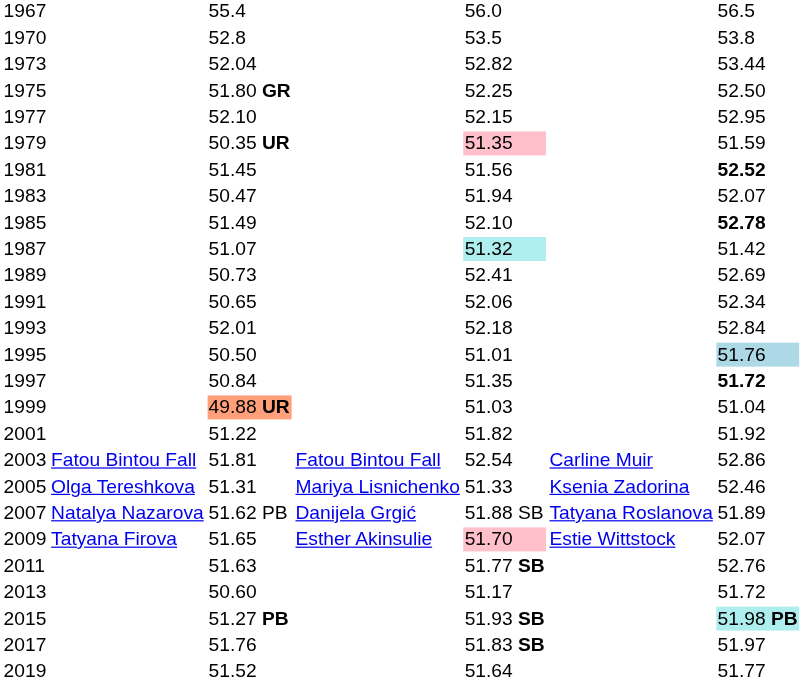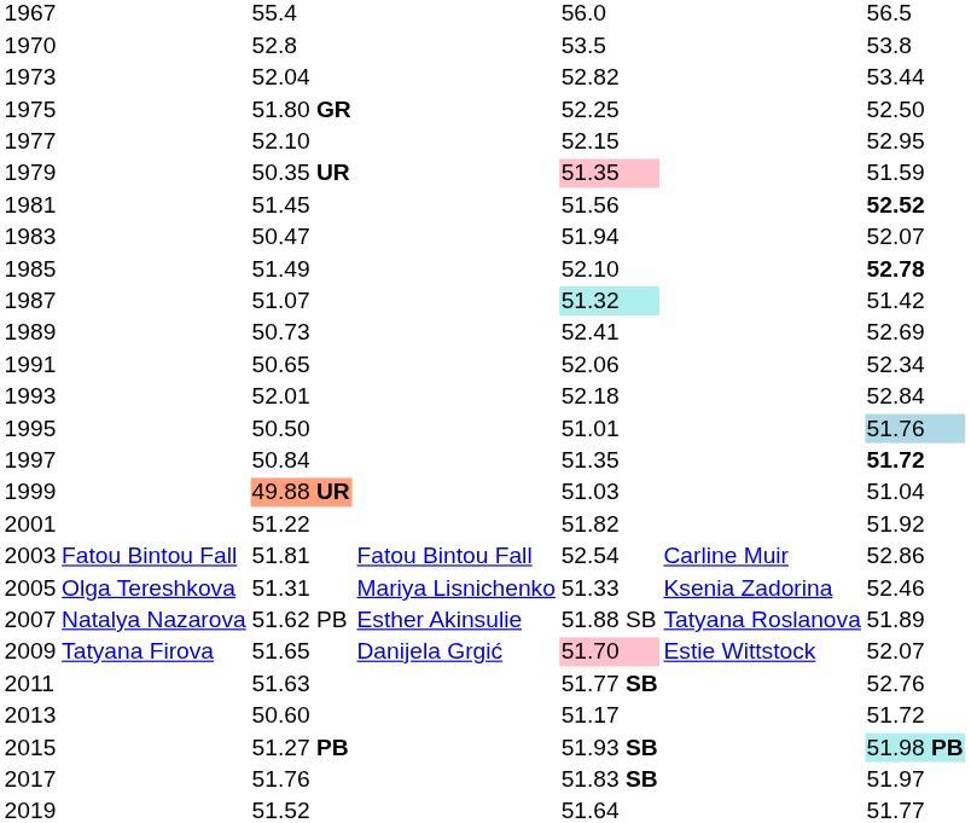 <table>
 <tr>
 <td>1967</td>
 <td></td>
 <td>55.4</td>
 <td></td>
 <td>56.0</td>
 <td></td>
 <td>56.5</td>
 </tr>
 <tr>
 <td>1970</td>
 <td></td>
 <td>52.8</td>
 <td></td>
 <td>53.5</td>
 <td></td>
 <td>53.8</td>
 </tr>
 <tr>
 <td>1973</td>
 <td></td>
 <td>52.04</td>
 <td></td>
 <td>52.82</td>
 <td></td>
 <td>53.44</td>
 </tr>
 <tr>
 <td>1975</td>
 <td></td>
 <td>51.80 <strong>GR</strong></td>
 <td></td>
 <td>52.25</td>
 <td></td>
 <td>52.50</td>
 </tr>
 <tr>
 <td>1977</td>
 <td></td>
 <td>52.10</td>
 <td></td>
 <td>52.15</td>
 <td></td>
 <td>52.95</td>
 </tr>
 <tr>
 <td>1979</td>
 <td></td>
 <td>50.35 <strong>UR</strong></td>
 <td></td>
 <td style="background: pink;">51.35</td>
 <td></td>
 <td>51.59</td>
 </tr>
 <tr>
 <td>1981</td>
 <td></td>
 <td>51.45</td>
 <td></td>
 <td>51.56</td>
 <td></td>
 <td><strong>52.52</strong></td>
 </tr>
 <tr>
 <td>1983</td>
 <td></td>
 <td>50.47</td>
 <td></td>
 <td>51.94</td>
 <td></td>
 <td>52.07</td>
 </tr>
 <tr>
 <td>1985</td>
 <td></td>
 <td>51.49</td>
 <td></td>
 <td>52.10</td>
 <td></td>
 <td><strong>52.78</strong></td>
 </tr>
 <tr>
 <td>1987</td>
 <td></td>
 <td>51.07</td>
 <td></td>
 <td style="background: paleturquoise;">51.32</td>
 <td></td>
 <td>51.42</td>
 </tr>
 <tr>
 <td>1989</td>
 <td></td>
 <td>50.73</td>
 <td></td>
 <td>52.41</td>
 <td></td>
 <td>52.69</td>
 </tr>
 <tr>
 <td>1991</td>
 <td></td>
 <td>50.65</td>
 <td></td>
 <td>52.06</td>
 <td></td>
 <td>52.34</td>
 </tr>
 <tr>
 <td>1993</td>
 <td></td>
 <td>52.01</td>
 <td></td>
 <td>52.18</td>
 <td></td>
 <td>52.84</td>
 </tr>
 <tr>
 <td>1995</td>
 <td></td>
 <td>50.50</td>
 <td></td>
 <td>51.01</td>
 <td></td>
 <td style="background: lightblue;">51.76</td>
 </tr>
 <tr>
 <td>1997</td>
 <td></td>
 <td>50.84</td>
 <td></td>
 <td>51.35</td>
 <td></td>
 <td><strong>51.72</strong></td>
 </tr>
 <tr>
 <td>1999</td>
 <td></td>
 <td style="background: lightsalmon;">49.88 <strong>UR</strong></td>
 <td></td>
 <td>51.03</td>
 <td></td>
 <td>51.04</td>
 </tr>
 <tr>
 <td>2001</td>
 <td></td>
 <td>51.22</td>
 <td></td>
 <td>51.82</td>
 <td></td>
 <td>51.92</td>
 </tr>
 <tr>
 <td>2003</td>
 <td><a href='#'>Fatou Bintou Fall</a><br> </td>
 <td>51.81</td>
 <td><a href='#'>Fatou Bintou Fall</a><br> </td>
 <td>52.54</td>
 <td><a href='#'>Carline Muir</a> <br> </td>
 <td>52.86</td>
 </tr>
 <tr>
 <td>2005</td>
 <td><a href='#'>Olga Tereshkova</a><br> </td>
 <td>51.31</td>
 <td><a href='#'>Mariya Lisnichenko</a><br> </td>
 <td>51.33</td>
 <td><a href='#'>Ksenia Zadorina</a><br> </td>
 <td>52.46</td>
 </tr>
 <tr>
 <td>2007</td>
 <td><a href='#'>Natalya Nazarova</a><br> </td>
 <td>51.62 PB</td>
-<td><a href='#'>Danijela Grgić</a><br> </td>
+<td><a href='#'>Esther Akinsulie</a><br> </td>
 <td>51.88 SB</td>
 <td><a href='#'>Tatyana Roslanova</a><br> </td>
 <td>51.89</td>
 </tr>
 <tr>
 <td>2009</td>
 <td><a href='#'>Tatyana Firova</a><br> </td>
 <td>51.65</td>
-<td><a href='#'>Esther Akinsulie</a><br> </td>
+<td><a href='#'>Danijela Grgić</a><br> </td>
 <td style="background: pink;">51.70</td>
 <td><a href='#'>Estie Wittstock</a><br> </td>
 <td>52.07</td>
 </tr>
 <tr>
 <td>2011</td>
 <td></td>
 <td>51.63</td>
 <td></td>
 <td>51.77 <strong>SB</strong></td>
 <td></td>
 <td>52.76</td>
 </tr>
 <tr>
 <td>2013</td>
 <td></td>
 <td>50.60</td>
 <td></td>
 <td>51.17</td>
 <td></td>
 <td>51.72</td>
 </tr>
 <tr>
 <td>2015</td>
 <td></td>
 <td>51.27 <strong>PB</strong></td>
 <td></td>
 <td>51.93 <strong>SB</strong></td>
 <td></td>
 <td style="background: paleturquoise;">51.98 <strong>PB</strong></td>
 </tr>
 <tr>
 <td>2017</td>
 <td></td>
 <td>51.76</td>
 <td></td>
 <td>51.83 <strong>SB</strong></td>
 <td></td>
 <td>51.97</td>
 </tr>
 <tr>
 <td>2019</td>
 <td></td>
 <td>51.52 </td>
 <td></td>
 <td>51.64 </td>
 <td></td>
 <td>51.77 </td>
 </tr>
 </table>
